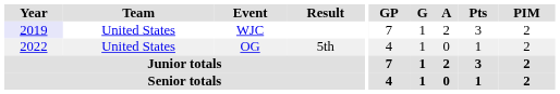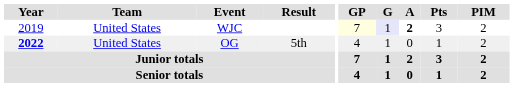 <table border="0" cellpadding="1" cellspacing="0" ID="Table3" style="text-align:center; width:40em;">
 <tr bgcolor="#e0e0e0">
 <th>Year</th>
 <th>Team</th>
 <th>Event</th>
 <th>Result</th>
 <th rowspan="98" bgcolor="#ffffff"></th>
 <th>GP</th>
 <th>G</th>
 <th>A</th>
 <th>Pts</th>
 <th>PIM</th>
 </tr>
 <tr>
-<td style="background: lavender;"><a href='#'>2019</a></td>
+<td><a href='#'>2019</a></td>
 <td><a href='#'>United States</a></td>
 <td><a href='#'>WJC</a></td>
 <td></td>
-<td>7</td>
-<td>1</td>
-<td>2</td>
+<td style="background: lightyellow;">7</td>
+<td style="background: lavender;">1</td>
+<td><strong>2</strong></td>
 <td>3</td>
 <td>2</td>
 </tr>
 <tr bgcolor="#f0f0f0">
-<td><a href='#'>2022</a></td>
+<td><strong><a href='#'>2022</a></strong></td>
 <td><a href='#'>United States</a></td>
 <td><a href='#'>OG</a></td>
 <td>5th</td>
 <td>4</td>
 <td>1</td>
 <td>0</td>
 <td>1</td>
 <td>2</td>
 </tr>
 <tr bgcolor="#e0e0e0">
 <th colspan="4">Junior totals</th>
 <th>7</th>
 <th>1</th>
 <th>2</th>
 <th>3</th>
 <th>2</th>
 </tr>
 <tr bgcolor="#e0e0e0">
 <th colspan="4">Senior totals</th>
 <th>4</th>
 <th>1</th>
 <th>0</th>
 <th>1</th>
 <th>2</th>
 </tr>
 </table>
